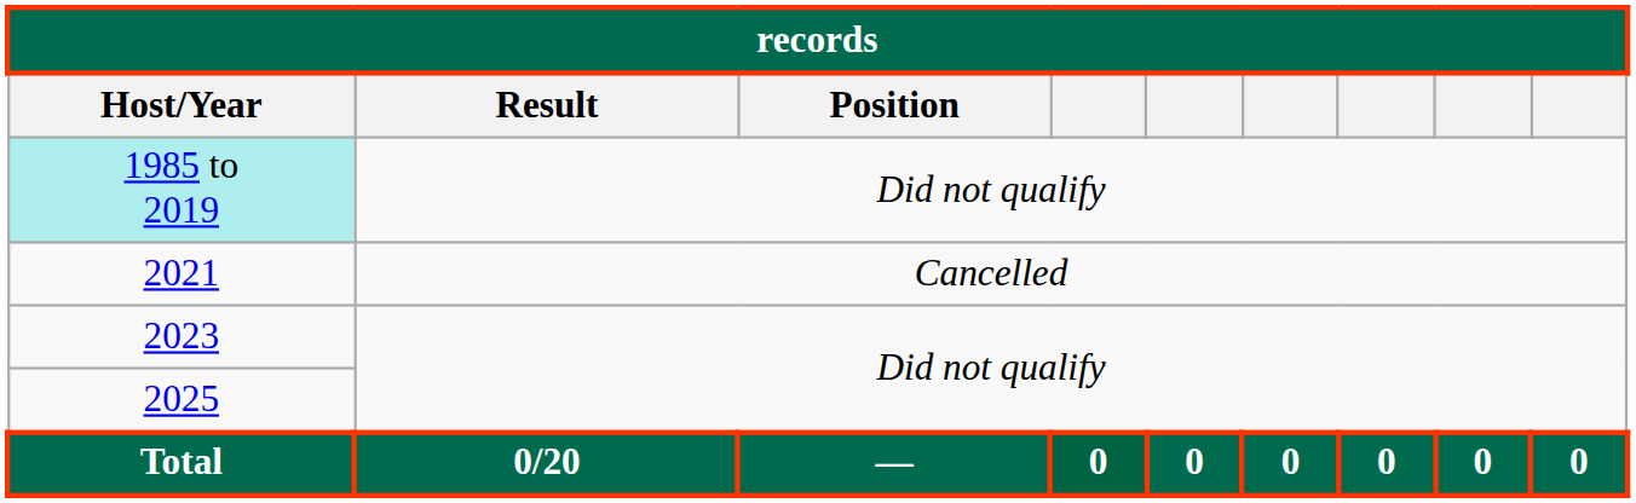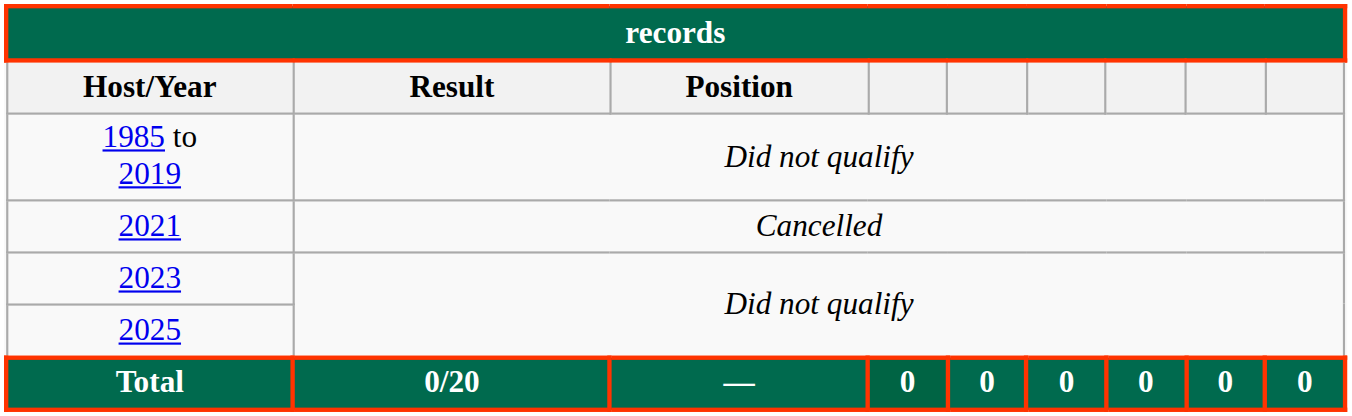 <table class="wikitable" style="text-align: center;font-size:90%; width:70%;">
 <tr>
 <th colspan=10 style="background: #006a4e;border: 2px solid #ff3300;color: #FFFFFF;"><a href='#'></a> records</th>
 </tr>
 <tr>
 <th width="90">Host/Year</th>
 <th width="100">Result</th>
 <th width="80">Position</th>
 <th width="20"></th>
 <th width="20"></th>
 <th width="20"></th>
 <th width="20"></th>
 <th width="20"></th>
 <th width="20"></th>
 </tr>
 <tr>
-<td style="background: paleturquoise;"> <a href='#'>1985</a> to <br> <a href='#'>2019</a></td>
+<td> <a href='#'>1985</a> to <br> <a href='#'>2019</a></td>
 <td colspan=8><em>Did not qualify</em></td>
 </tr>
 <tr>
 <td> <a href='#'>2021</a></td>
 <td colspan=8><em>Cancelled</em></td>
 </tr>
 <tr>
 <td> <a href='#'>2023</a></td>
 <td rowspan=2 colspan=8><em>Did not qualify</em></td>
 </tr>
 <tr>
 <td> <a href='#'>2025</a></td>
 </tr>
 <tr>
 <td style="background: #006a4e;border: 2px solid #ff3300;color:white; "><strong>Total</strong></td>
 <td style="background: #006a4e;border: 2px solid #ff3300;color:white; "><strong>0/20</strong></td>
 <td style="background: #006a4e;border: 2px solid #ff3300;color:white; "><strong>—</strong></td>
 <td style="background: #006444;border: 2px solid #ff3300;color:white; "><strong>0</strong></td>
 <td style="background: #006a4e;border: 2px solid #ff3300;color:white; "><strong>0</strong></td>
 <td style="background: #006a4e;border: 2px solid #ff3300;color:white; "><strong>0</strong></td>
 <td style="background: #006a4e;border: 2px solid #ff3300;color:white; "><strong>0</strong></td>
 <td style="background: #006a4e;border: 2px solid #ff3300;color:white; "><strong>0</strong></td>
 <td style="background: #006a4e;border: 2px solid #ff3300;color:white; "><strong>0</strong></td>
 </tr>
 </table>
